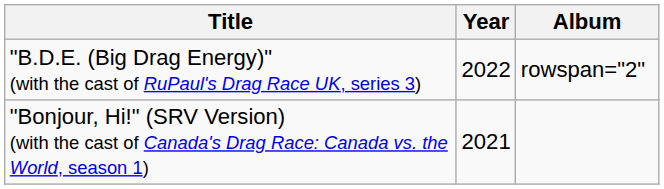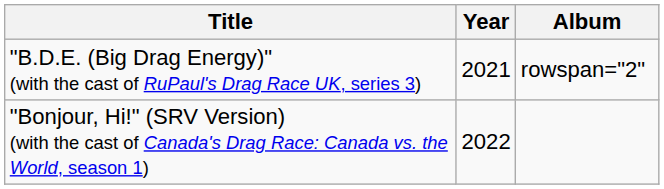 <table class="wikitable plainrowheaders" style="text-align:left;">
 <tr>
 <th scope="col"  style="width:20em;">Title</th>
 <th scope="col"  style="width:2em;">Year</th>
 <th scope="col"  style="width:6em;">Album</th>
 </tr>
 <tr>
 <td scope="row">"B.D.E. (Big Drag Energy)"<br><small>(with the cast of <a href='#'><em>RuPaul's Drag Race UK</em>, series 3</a>)</small></td>
-<td>2022</td>
+<td>2021</td>
 <td>rowspan="2" </td>
 </tr>
 <tr>
 <td scope="row">"Bonjour, Hi!" (SRV Version)<br><small>(with the cast of <a href='#'><em>Canada's Drag Race: Canada vs. the World</em>, season 1</a>)</small></td>
-<td>2021</td>
+<td>2022</td>
 </tr>
 </table>
